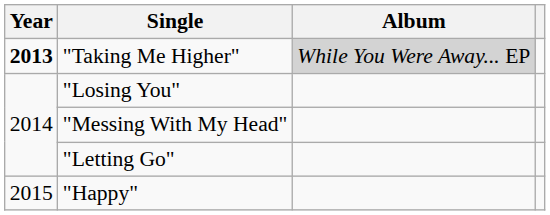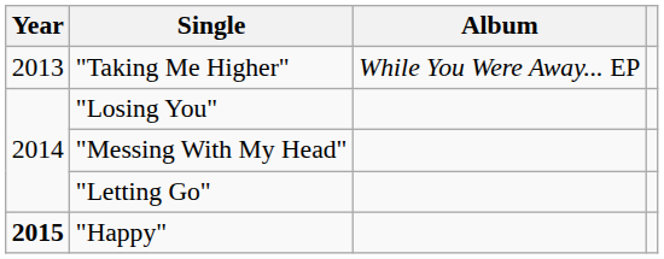 <table class="wikitable">
 <tr style="repeat scroll 0% 0% rgb(176, 196, 222);">
 <th>Year</th>
 <th>Single</th>
 <th>Album</th>
 <th></th>
 </tr>
 <tr>
-<td><strong>2013</strong></td>
+<td>2013</td>
 <td>"Taking Me Higher"</td>
-<td style="background: lightgrey;"><em>While You Were Away...</em> EP</td>
+<td><em>While You Were Away...</em> EP</td>
 <td style="text-align:center;"></td>
 </tr>
 <tr>
 <td rowspan="3">2014</td>
 <td>"Losing You"</td>
 <td></td>
 <td style="text-align:center;"></td>
 </tr>
 <tr>
 <td>"Messing With My Head"</td>
 <td></td>
 <td style="text-align:center;"></td>
 </tr>
 <tr>
 <td>"Letting Go"</td>
 <td></td>
 <td style="text-align:center;"></td>
 </tr>
 <tr>
-<td rowspan="1">2015</td>
+<td rowspan="1"><strong>2015</strong></td>
 <td>"Happy"</td>
 <td></td>
 <td style="text-align:center;"></td>
 </tr>
 </table>
